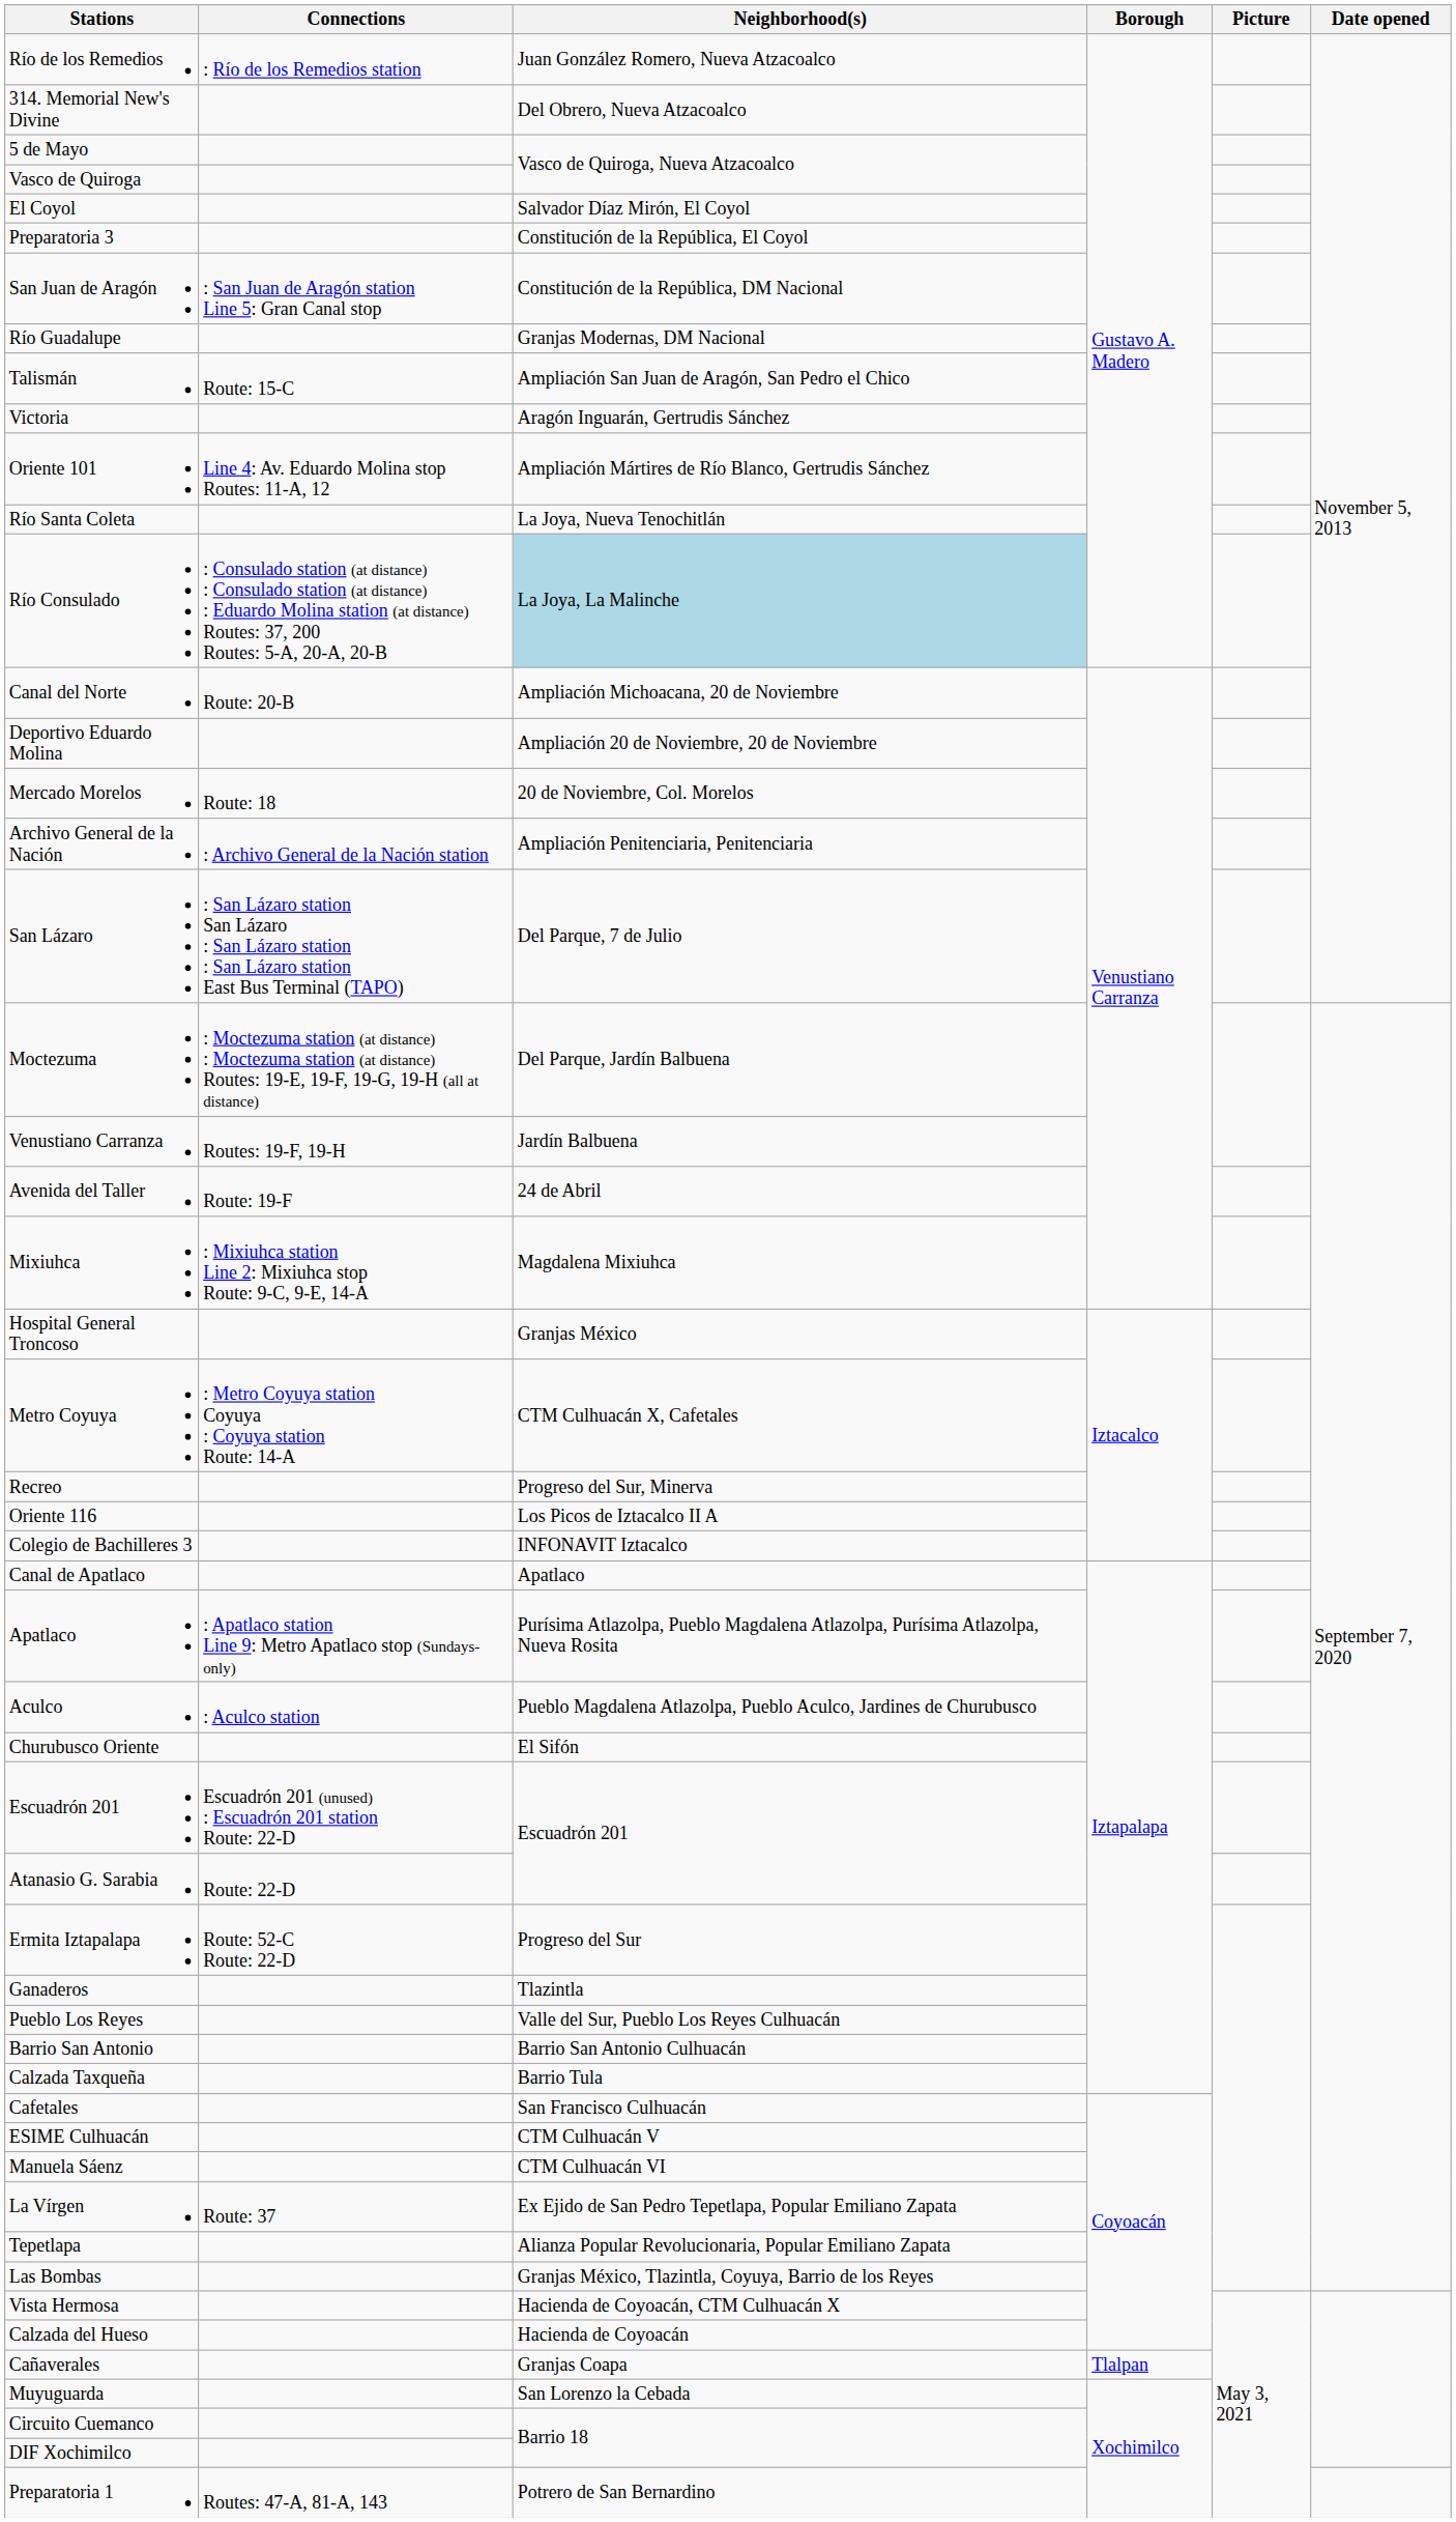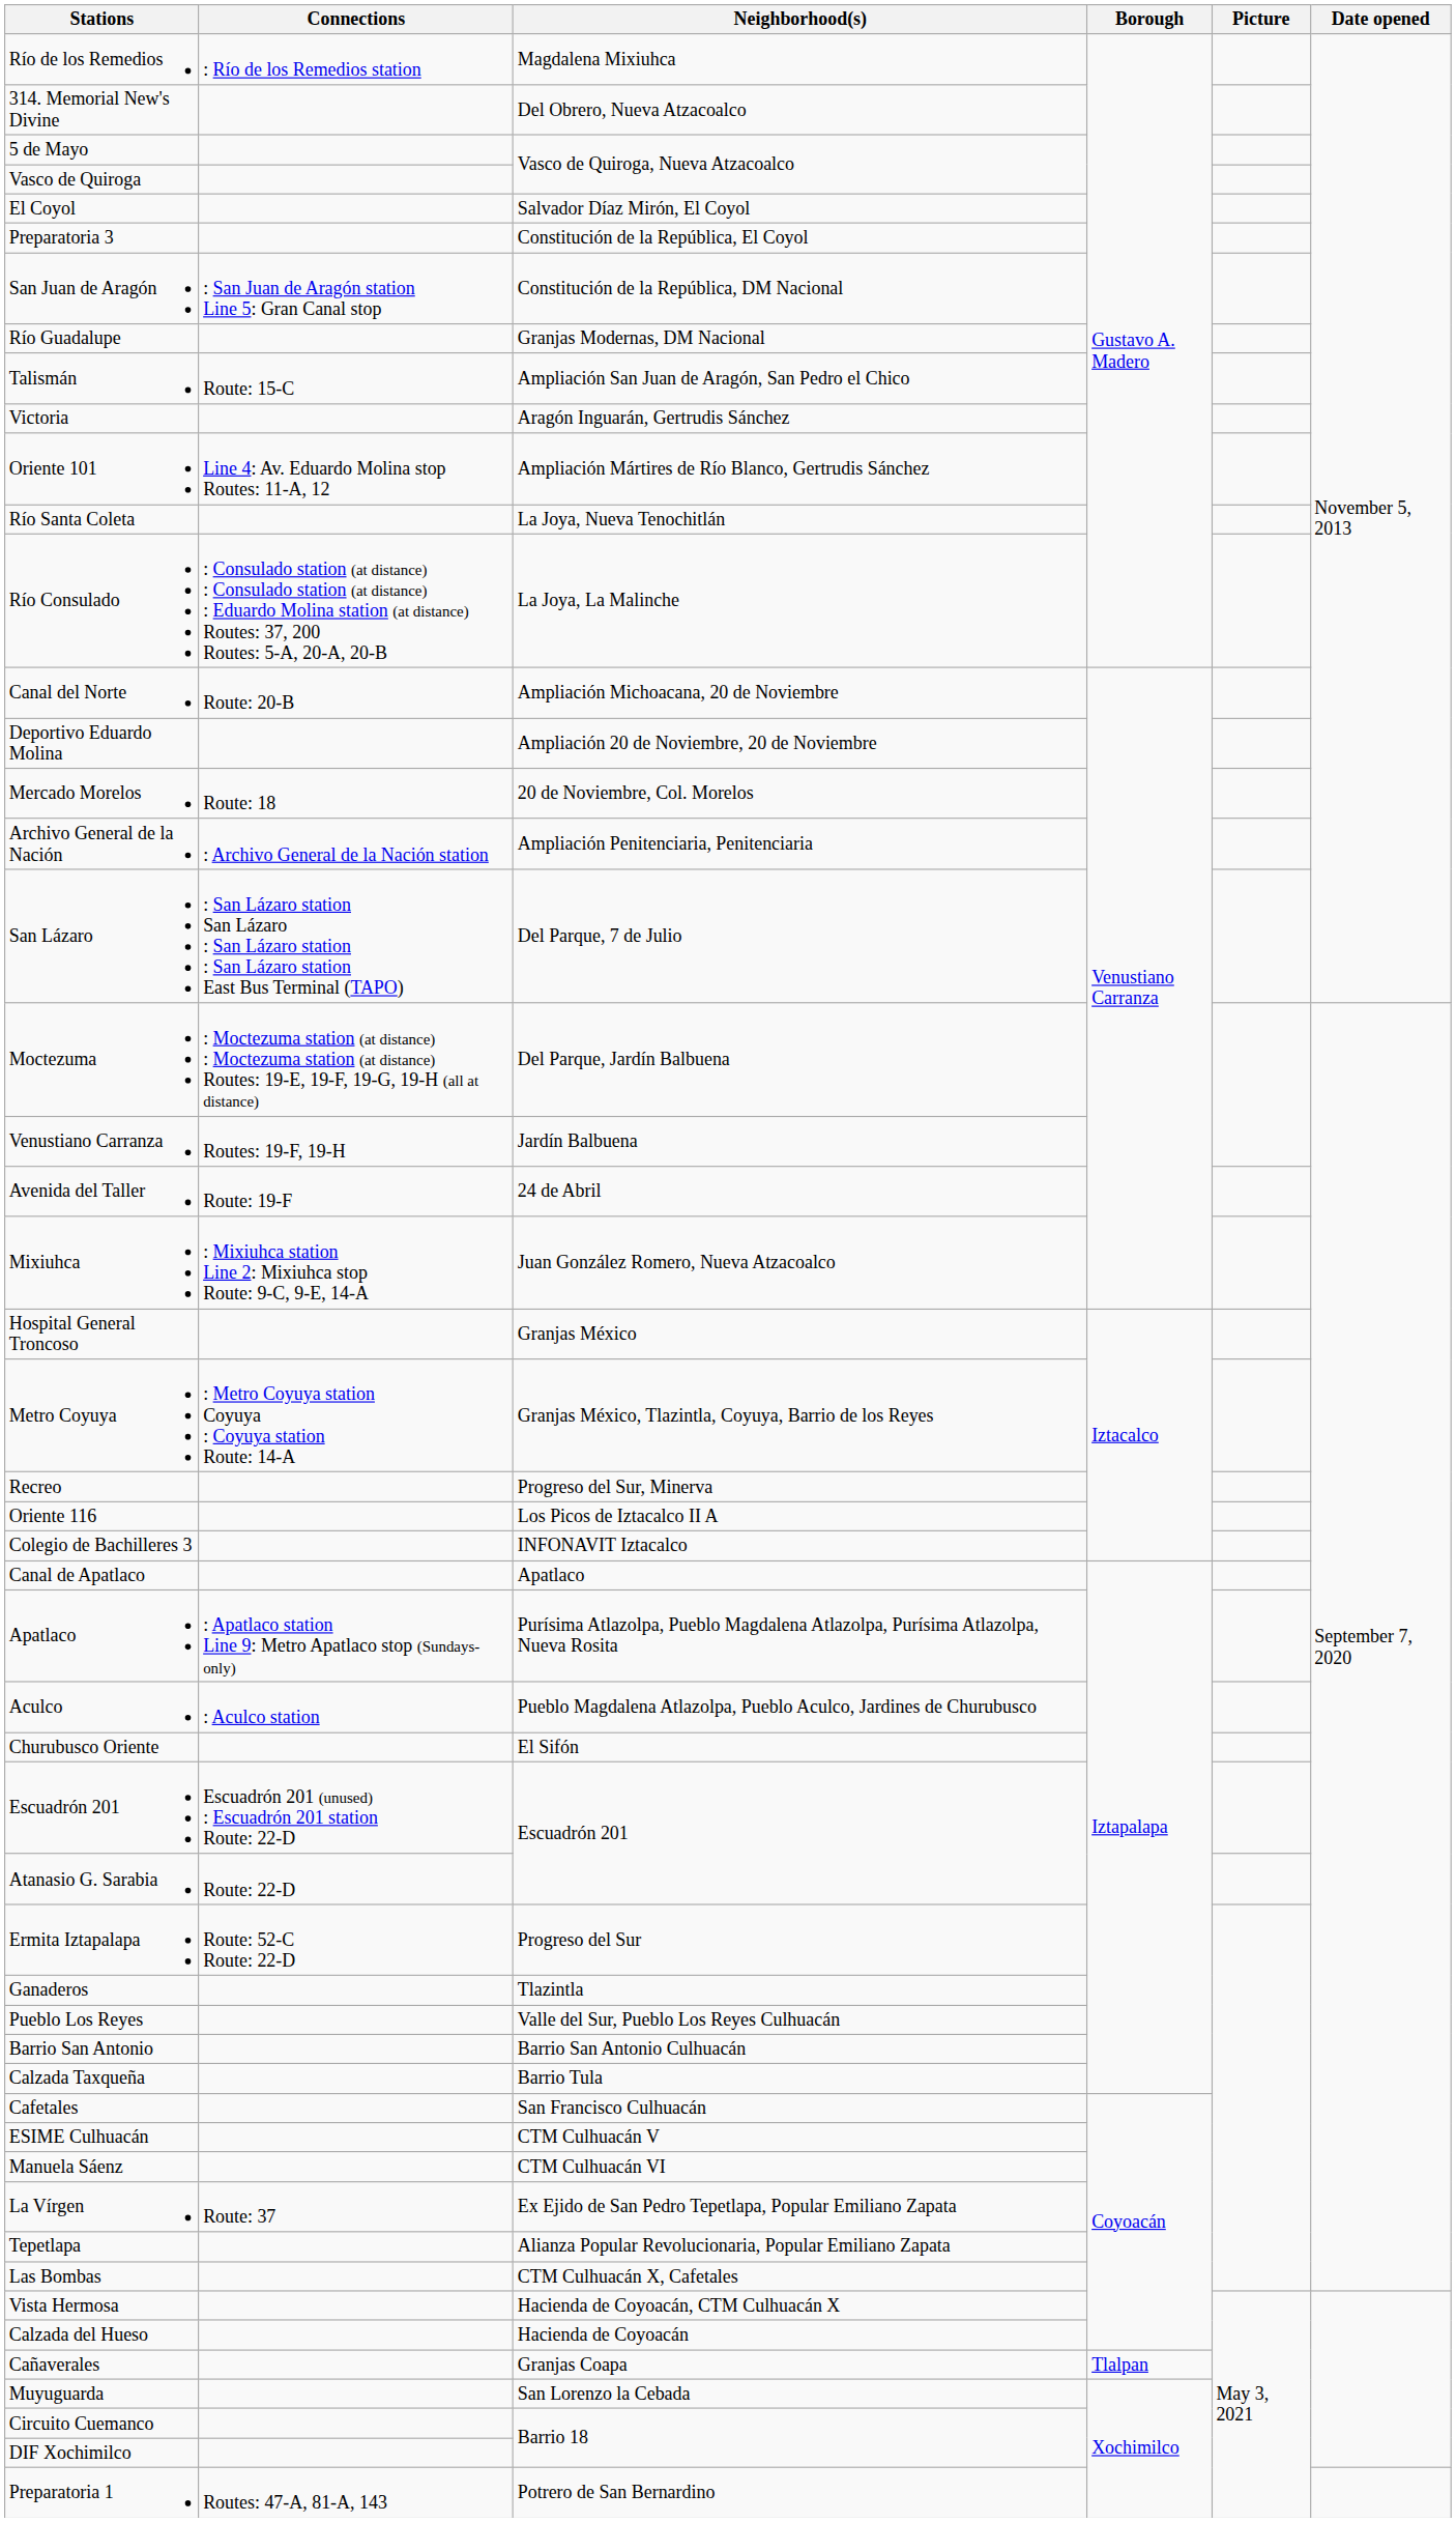 <table class="wikitable">
 <tr>
 <th width="160px">Stations</th>
 <th>Connections</th>
 <th>Neighborhood(s)</th>
 <th width="100px">Borough</th>
 <th>Picture</th>
 <th>Date opened</th>
 </tr>
 <tr>
 <td> Río de los Remedios</td>
 <td><br><li> : <a href='#'>Río de los Remedios station</a></li></td>
-<td>Juan González Romero, Nueva Atzacoalco</td>
+<td>Magdalena Mixiuhca</td>
 <td rowspan=13><a href='#'>Gustavo A. Madero</a></td>
 <td></td>
 <td rowspan=18>November 5, 2013</td>
 </tr>
 <tr>
 <td> 314. Memorial New's Divine</td>
 <td></td>
 <td>Del Obrero, Nueva Atzacoalco</td>
 <td></td>
 </tr>
 <tr>
 <td> 5 de Mayo</td>
 <td></td>
 <td rowspan=2>Vasco de Quiroga, Nueva Atzacoalco</td>
 <td></td>
 </tr>
 <tr>
 <td> Vasco de Quiroga</td>
 <td></td>
 <td></td>
 </tr>
 <tr>
 <td> El Coyol</td>
 <td></td>
 <td>Salvador Díaz Mirón, El Coyol</td>
 <td></td>
 </tr>
 <tr>
 <td> Preparatoria 3</td>
 <td></td>
 <td>Constitución de la República, El Coyol</td>
 <td></td>
 </tr>
 <tr>
 <td> San Juan de Aragón</td>
 <td><br><li> : <a href='#'>San Juan de Aragón station</a></li> <li> <a href='#'>Line 5</a>: Gran Canal stop</td>
 <td>Constitución de la República, DM Nacional</td>
 <td></td>
 </tr>
 <tr>
 <td> Río Guadalupe</td>
 <td></td>
 <td>Granjas Modernas, DM Nacional</td>
 <td></td>
 </tr>
 <tr>
 <td> Talismán</td>
 <td><br><li> Route: 15-C</td>
 <td>Ampliación San Juan de Aragón, San Pedro el Chico</td>
 <td></td>
 </tr>
 <tr>
 <td> Victoria</td>
 <td></td>
 <td>Aragón Inguarán, Gertrudis Sánchez</td>
 <td></td>
 </tr>
 <tr>
 <td> Oriente 101</td>
 <td><br><li> <a href='#'>Line 4</a>: Av. Eduardo Molina stop</li> <li> Routes: 11-A, 12</td>
 <td>Ampliación Mártires de Río Blanco, Gertrudis Sánchez</td>
 <td></td>
 </tr>
 <tr>
 <td> Río Santa Coleta</td>
 <td></td>
 <td>La Joya, Nueva Tenochitlán</td>
 <td></td>
 </tr>
 <tr>
 <td> Río Consulado</td>
 <td><br><li> : <a href='#'>Consulado station</a> <small>(at distance)</small></li> <li> : <a href='#'>Consulado station</a> <small>(at distance)</small></li> <li> : <a href='#'>Eduardo Molina station</a> <small>(at distance)</small></li> <li> Routes: 37, 200</li> <li> Routes: 5-A, 20-A, 20-B</td>
-<td style="background: lightblue;">La Joya, La Malinche</td>
+<td>La Joya, La Malinche</td>
 <td></td>
 </tr>
 <tr>
 <td> Canal del Norte</td>
 <td><br><li> Route: 20-B</td>
 <td>Ampliación Michoacana, 20 de Noviembre</td>
 <td rowspan=9><a href='#'>Venustiano Carranza</a></td>
 <td></td>
 </tr>
 <tr>
 <td> Deportivo Eduardo Molina</td>
 <td></td>
 <td>Ampliación 20 de Noviembre, 20 de Noviembre</td>
 <td></td>
 </tr>
 <tr>
 <td> Mercado Morelos</td>
 <td><br><li> Route: 18</td>
 <td>20 de Noviembre, Col. Morelos</td>
 <td></td>
 </tr>
 <tr>
 <td> Archivo General de la Nación</td>
 <td><br><li> : <a href='#'>Archivo General de la Nación station</a></td>
 <td>Ampliación Penitenciaria, Penitenciaria</td>
 <td></td>
 </tr>
 <tr>
 <td> San Lázaro</td>
 <td><br><li> : <a href='#'>San Lázaro station</a></li> <li> San Lázaro</li> <li> : <a href='#'>San Lázaro station</a></li> <li> : <a href='#'>San Lázaro station</a></li> <li> East Bus Terminal (<a href='#'>TAPO</a>)</td>
 <td>Del Parque, 7 de Julio</td>
 <td></td>
 </tr>
 <tr>
 <td> Moctezuma</td>
 <td><br><li> : <a href='#'>Moctezuma station</a> <small>(at distance)</small></li> <li> : <a href='#'>Moctezuma station</a> <small>(at distance)</small></li> <li> Routes: 19-E, 19-F, 19-G, 19-H <small>(all at distance)</small></td>
 <td>Del Parque, Jardín Balbuena</td>
 <td rowspan=2></td>
 <td rowspan=26>September 7, 2020</td>
 </tr>
 <tr>
 <td> Venustiano Carranza</td>
 <td><br><li> Routes: 19-F, 19-H</td>
 <td>Jardín Balbuena</td>
 </tr>
 <tr>
 <td> Avenida del Taller</td>
 <td><br><li> Route: 19-F</td>
 <td>24 de Abril</td>
 <td></td>
 </tr>
 <tr>
 <td> Mixiuhca</td>
 <td><br><li> : <a href='#'>Mixiuhca station</a></li> <li> <a href='#'>Line 2</a>: Mixiuhca stop</li> <li> Route: 9-C, 9-E, 14-A</td>
-<td>Magdalena Mixiuhca</td>
+<td>Juan González Romero, Nueva Atzacoalco</td>
 <td></td>
 </tr>
 <tr>
 <td> Hospital General Troncoso</td>
 <td></td>
 <td>Granjas México</td>
 <td rowspan=5><a href='#'>Iztacalco</a></td>
 </tr>
 <tr>
 <td> Metro Coyuya</td>
 <td><br><li> : <a href='#'>Metro Coyuya station</a></li> <li> Coyuya</li> <li> : <a href='#'>Coyuya station</a></li> <li> Route: 14-A</td>
-<td>CTM Culhuacán X, Cafetales</td>
+<td>Granjas México, Tlazintla, Coyuya, Barrio de los Reyes</td>
 <td></td>
 </tr>
 <tr>
 <td> Recreo</td>
 <td></td>
 <td>Progreso del Sur, Minerva</td>
 <td></td>
 </tr>
 <tr>
 <td> Oriente 116</td>
 <td></td>
 <td>Los Picos de Iztacalco II A</td>
 <td></td>
 </tr>
 <tr>
 <td> Colegio de Bachilleres 3</td>
 <td></td>
 <td>INFONAVIT Iztacalco</td>
 <td></td>
 </tr>
 <tr>
 <td> Canal de Apatlaco</td>
 <td></td>
 <td>Apatlaco</td>
 <td rowspan=11><a href='#'>Iztapalapa</a></td>
 <td></td>
 </tr>
 <tr>
 <td> Apatlaco</td>
 <td><br><li> : <a href='#'>Apatlaco station</a></li> <li> <a href='#'>Line 9</a>: Metro Apatlaco stop <small>(Sundays-only)</small></td>
 <td>Purísima Atlazolpa, Pueblo Magdalena Atlazolpa, Purísima Atlazolpa, Nueva Rosita</td>
 <td></td>
 </tr>
 <tr>
 <td> Aculco</td>
 <td><br><li> : <a href='#'>Aculco station</a></td>
 <td>Pueblo Magdalena Atlazolpa, Pueblo Aculco, Jardines de Churubusco</td>
 <td></td>
 </tr>
 <tr>
 <td> Churubusco Oriente</td>
 <td></td>
 <td>El Sifón</td>
 <td></td>
 </tr>
 <tr>
 <td> Escuadrón 201</td>
 <td><br><li> Escuadrón 201 <small>(unused)</small></li> <li> : <a href='#'>Escuadrón 201 station</a></li> <li> Route: 22-D</td>
 <td rowspan=2>Escuadrón 201</td>
 <td></td>
 </tr>
 <tr>
 <td> Atanasio G. Sarabia</td>
 <td><br><li> Route: 22-D</td>
 <td></td>
 </tr>
 <tr>
 <td> Ermita Iztapalapa</td>
 <td><br><li> Route: 52-C</li> <li> Route: 22-D</td>
 <td>Progreso del Sur</td>
 </tr>
 <tr>
 <td> Ganaderos</td>
 <td></td>
 <td>Tlazintla</td>
 </tr>
 <tr>
 <td> Pueblo Los Reyes</td>
 <td></td>
 <td>Valle del Sur, Pueblo Los Reyes Culhuacán</td>
 </tr>
 <tr>
 <td> Barrio San Antonio</td>
 <td></td>
 <td>Barrio San Antonio Culhuacán</td>
 </tr>
 <tr>
 <td> Calzada Taxqueña</td>
 <td></td>
 <td>Barrio Tula</td>
 </tr>
 <tr>
 <td> Cafetales</td>
 <td></td>
 <td>San Francisco Culhuacán</td>
 <td rowspan=8><a href='#'>Coyoacán</a></td>
 </tr>
 <tr>
 <td> ESIME Culhuacán</td>
 <td></td>
 <td>CTM Culhuacán V</td>
 </tr>
 <tr>
 <td> Manuela Sáenz</td>
 <td></td>
 <td>CTM Culhuacán VI</td>
 </tr>
 <tr>
 <td> La Vírgen</td>
 <td><br><li> Route: 37</td>
 <td>Ex Ejido de San Pedro Tepetlapa, Popular Emiliano Zapata</td>
 </tr>
 <tr>
 <td> Tepetlapa</td>
 <td></td>
 <td>Alianza Popular Revolucionaria, Popular Emiliano Zapata</td>
 </tr>
 <tr>
 <td> Las Bombas</td>
 <td></td>
-<td>Granjas México, Tlazintla, Coyuya, Barrio de los Reyes</td>
+<td>CTM Culhuacán X, Cafetales</td>
 </tr>
 <tr>
 <td> Vista Hermosa</td>
 <td></td>
 <td>Hacienda de Coyoacán, CTM Culhuacán X</td>
 <td rowspan=7>May 3, 2021</td>
 </tr>
 <tr>
 <td> Calzada del Hueso</td>
 <td></td>
 <td>Hacienda de Coyoacán</td>
 </tr>
 <tr>
 <td> Cañaverales</td>
 <td></td>
 <td>Granjas Coapa</td>
 <td><a href='#'>Tlalpan</a></td>
 </tr>
 <tr>
 <td> Muyuguarda</td>
 <td></td>
 <td>San Lorenzo la Cebada</td>
 <td rowspan=4><a href='#'>Xochimilco</a></td>
 </tr>
 <tr>
 <td> Circuito Cuemanco</td>
 <td></td>
 <td rowspan=2>Barrio 18</td>
 </tr>
 <tr>
 <td> DIF Xochimilco</td>
 <td></td>
 </tr>
 <tr>
 <td> Preparatoria 1</td>
 <td><br><li> Routes: 47-A, 81-A, 143</td>
 <td>Potrero de San Bernardino</td>
 <td></td>
 </tr>
 </table>
